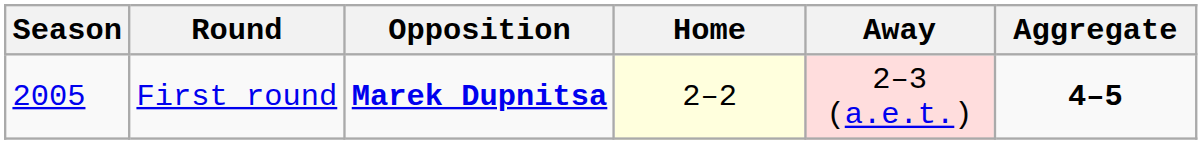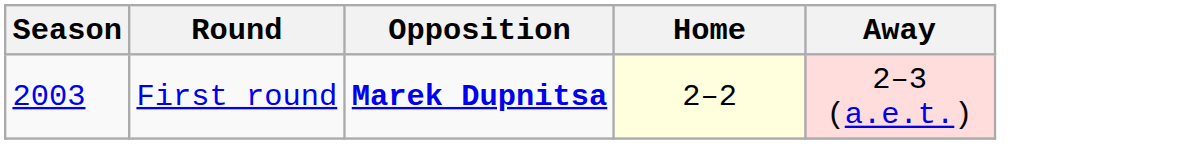 <table class="wikitable">
 <tr>
 <th>Season</th>
 <th>Round</th>
 <th>Opposition</th>
 <th width=75>Home</th>
 <th width=75>Away</th>
-<th width=80>Aggregate</th>
 </tr>
 <tr>
-<td><a href='#'>2005</a></td>
+<td><a href='#'>2003</a></td>
 <td><a href='#'>First round</a></td>
 <td><strong> <a href='#'>Marek Dupnitsa</a></strong></td>
 <td style="text-align:center; background:#ffd;">2–2</td>
 <td style="text-align:center; background:#fdd;">2–3 (<a href='#'>a.e.t.</a>)</td>
-<td style="text-align:center;"><strong>4–5</strong></td>
 </tr>
 </table>
